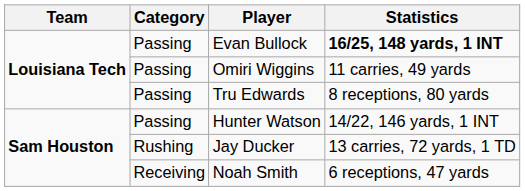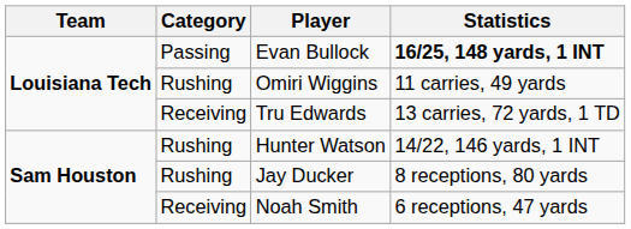 <table class="wikitable" style="float: right;">
 <tr>
 <th>Team</th>
 <th>Category</th>
 <th>Player</th>
 <th>Statistics</th>
 </tr>
 <tr>
 <td rowspan=3><strong>Louisiana Tech</strong></td>
 <td>Passing</td>
 <td>Evan Bullock</td>
 <td><strong>16/25, 148 yards, 1 INT</strong></td>
 </tr>
 <tr>
-<td>Passing</td>
+<td>Rushing</td>
 <td>Omiri Wiggins</td>
 <td>11 carries, 49 yards</td>
 </tr>
 <tr>
-<td>Passing</td>
+<td>Receiving</td>
 <td>Tru Edwards</td>
-<td>8 receptions, 80 yards</td>
+<td>13 carries, 72 yards, 1 TD</td>
 </tr>
 <tr>
 <td rowspan=3><strong>Sam Houston</strong></td>
-<td>Passing</td>
+<td>Rushing</td>
 <td>Hunter Watson</td>
 <td>14/22, 146 yards, 1 INT</td>
 </tr>
 <tr>
 <td>Rushing</td>
 <td>Jay Ducker</td>
-<td>13 carries, 72 yards, 1 TD</td>
+<td>8 receptions, 80 yards</td>
 </tr>
 <tr>
 <td>Receiving</td>
 <td>Noah Smith</td>
 <td>6 receptions, 47 yards</td>
 </tr>
 </table>
